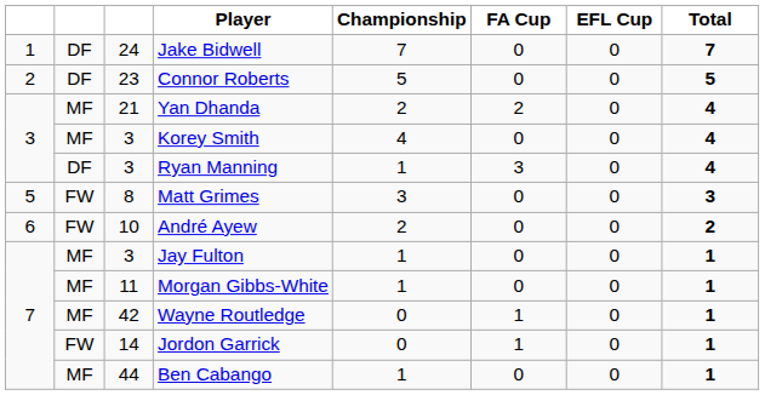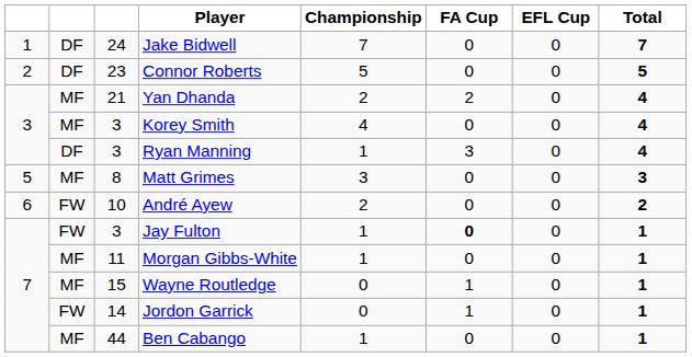 <table class="wikitable sortable" style="text-align:center">
 <tr>
 <th style="background:white; color:black; width:35px;"></th>
 <th style="background:white; color:black; width:35px;"></th>
 <th style="background:white; color:black; width:35px;"></th>
 <th style="background:white; color:black;">Player</th>
 <th style="background:white; color:black; width:75px;">Championship</th>
 <th style="background:white; color:black; width:75px;">FA Cup</th>
 <th style="background:white; color:black;width:75px;">EFL Cup</th>
 <th style="background:white; color:black; width:75px;"><strong>Total</strong></th>
 </tr>
 <tr>
 <td>1</td>
 <td>DF</td>
 <td>24</td>
 <td align="left"> <a href='#'>Jake Bidwell</a></td>
 <td>7</td>
 <td>0</td>
 <td>0</td>
 <td><strong>7</strong></td>
 </tr>
 <tr>
 <td>2</td>
 <td>DF</td>
 <td>23</td>
 <td align="left"> <a href='#'>Connor Roberts</a></td>
 <td>5</td>
 <td>0</td>
 <td>0</td>
 <td><strong>5</strong></td>
 </tr>
 <tr>
 <td rowspan="3">3</td>
 <td>MF</td>
 <td>21</td>
 <td align="left"> <a href='#'>Yan Dhanda</a></td>
 <td>2</td>
 <td>2</td>
 <td>0</td>
 <td><strong>4</strong></td>
 </tr>
 <tr>
 <td>MF</td>
 <td>3</td>
 <td align="left"> <a href='#'>Korey Smith</a></td>
 <td>4</td>
 <td>0</td>
 <td>0</td>
 <td><strong>4</strong></td>
 </tr>
 <tr>
 <td>DF</td>
 <td>3</td>
 <td align="left"> <a href='#'>Ryan Manning</a></td>
 <td>1</td>
 <td>3</td>
 <td>0</td>
 <td><strong>4</strong></td>
 </tr>
 <tr>
 <td>5</td>
-<td>FW</td>
+<td>MF</td>
 <td>8</td>
 <td align="left"> <a href='#'>Matt Grimes</a></td>
 <td>3</td>
 <td>0</td>
 <td>0</td>
 <td><strong>3</strong></td>
 </tr>
 <tr>
 <td>6</td>
 <td>FW</td>
 <td>10</td>
 <td align="left"> <a href='#'>André Ayew</a></td>
 <td>2</td>
 <td>0</td>
 <td>0</td>
 <td><strong>2</strong></td>
 </tr>
 <tr>
 <td rowspan=5>7</td>
-<td>MF</td>
+<td>FW</td>
 <td>3</td>
 <td align="left"> <a href='#'>Jay Fulton</a></td>
 <td>1</td>
-<td>0</td>
+<td><strong>0</strong></td>
 <td>0</td>
 <td><strong>1</strong></td>
 </tr>
 <tr>
 <td>MF</td>
 <td>11</td>
 <td align="left"> <a href='#'>Morgan Gibbs-White</a></td>
 <td>1</td>
 <td>0</td>
 <td>0</td>
 <td><strong>1</strong></td>
 </tr>
 <tr>
 <td>MF</td>
-<td>42</td>
+<td>15</td>
 <td align="left"> <a href='#'>Wayne Routledge</a></td>
 <td>0</td>
 <td>1</td>
 <td>0</td>
 <td><strong>1</strong></td>
 </tr>
 <tr>
 <td>FW</td>
 <td>14</td>
 <td align="left"> <a href='#'>Jordon Garrick</a></td>
 <td>0</td>
 <td>1</td>
 <td>0</td>
 <td><strong>1</strong></td>
 </tr>
 <tr>
 <td>MF</td>
 <td>44</td>
 <td align="left"> <a href='#'>Ben Cabango</a></td>
 <td>1</td>
 <td>0</td>
 <td>0</td>
 <td><strong>1</strong></td>
 </tr>
 </table>
